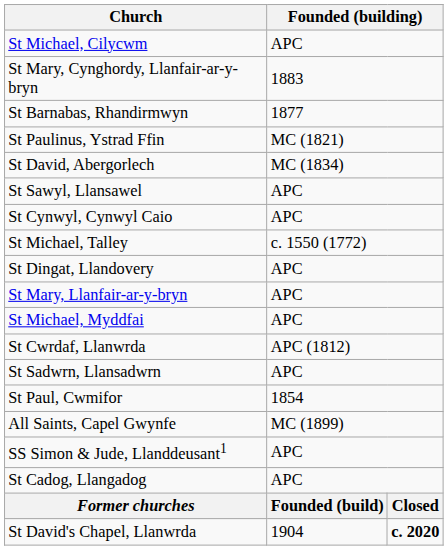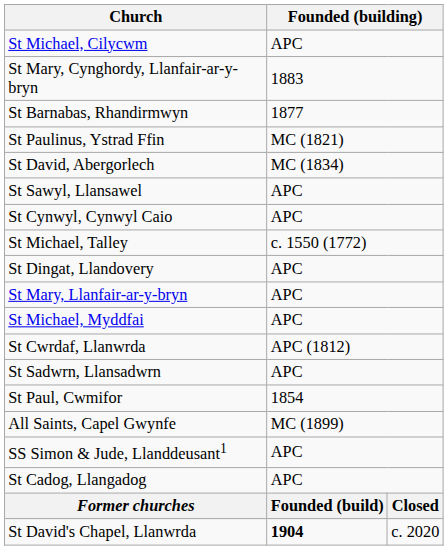 <table class="wikitable">
 <tr>
 <th width="250">Church</th>
 <th colspan="2" width="125">Founded (building)</th>
 </tr>
 <tr>
 <td><a href='#'>St Michael, Cilycwm</a></td>
 <td colspan="2">APC</td>
 </tr>
 <tr>
 <td>St Mary, Cynghordy, Llanfair-ar-y-bryn</td>
 <td colspan="2">1883</td>
 </tr>
 <tr>
 <td>St Barnabas, Rhandirmwyn</td>
 <td colspan="2">1877</td>
 </tr>
 <tr>
 <td>St Paulinus, Ystrad Ffin</td>
 <td colspan="2">MC (1821)</td>
 </tr>
 <tr>
 <td>St David, Abergorlech</td>
 <td colspan="2">MC (1834)</td>
 </tr>
 <tr>
 <td>St Sawyl, Llansawel</td>
 <td colspan="2">APC</td>
 </tr>
 <tr>
 <td>St Cynwyl, Cynwyl Caio</td>
 <td colspan="2">APC</td>
 </tr>
 <tr>
 <td>St Michael, Talley</td>
 <td colspan="2">c. 1550 (1772)</td>
 </tr>
 <tr>
 <td>St Dingat, Llandovery</td>
 <td colspan="2">APC</td>
 </tr>
 <tr>
 <td><a href='#'>St Mary, Llanfair-ar-y-bryn</a></td>
 <td colspan="2">APC</td>
 </tr>
 <tr>
 <td><a href='#'>St Michael, Myddfai</a></td>
 <td colspan="2">APC</td>
 </tr>
 <tr>
 <td>St Cwrdaf, Llanwrda</td>
 <td colspan="2">APC (1812)</td>
 </tr>
 <tr>
 <td>St Sadwrn, Llansadwrn</td>
 <td colspan="2">APC</td>
 </tr>
 <tr>
 <td>St Paul, Cwmifor</td>
 <td colspan="2">1854</td>
 </tr>
 <tr>
 <td>All Saints, Capel Gwynfe</td>
 <td colspan="2">MC (1899)</td>
 </tr>
 <tr>
 <td>SS Simon & Jude, Llanddeusant<sup>1</sup></td>
 <td colspan="2">APC</td>
 </tr>
 <tr>
 <td>St Cadog, Llangadog</td>
 <td colspan="2">APC</td>
 </tr>
 <tr>
 <th><em>Former churches</em></th>
 <th>Founded (build)</th>
 <th>Closed</th>
 </tr>
 <tr>
 <td>St David's Chapel, Llanwrda</td>
-<td>1904</td>
-<td><strong>c. 2020</strong></td>
+<td><strong>1904</strong></td>
+<td>c. 2020</td>
 </tr>
 </table>
